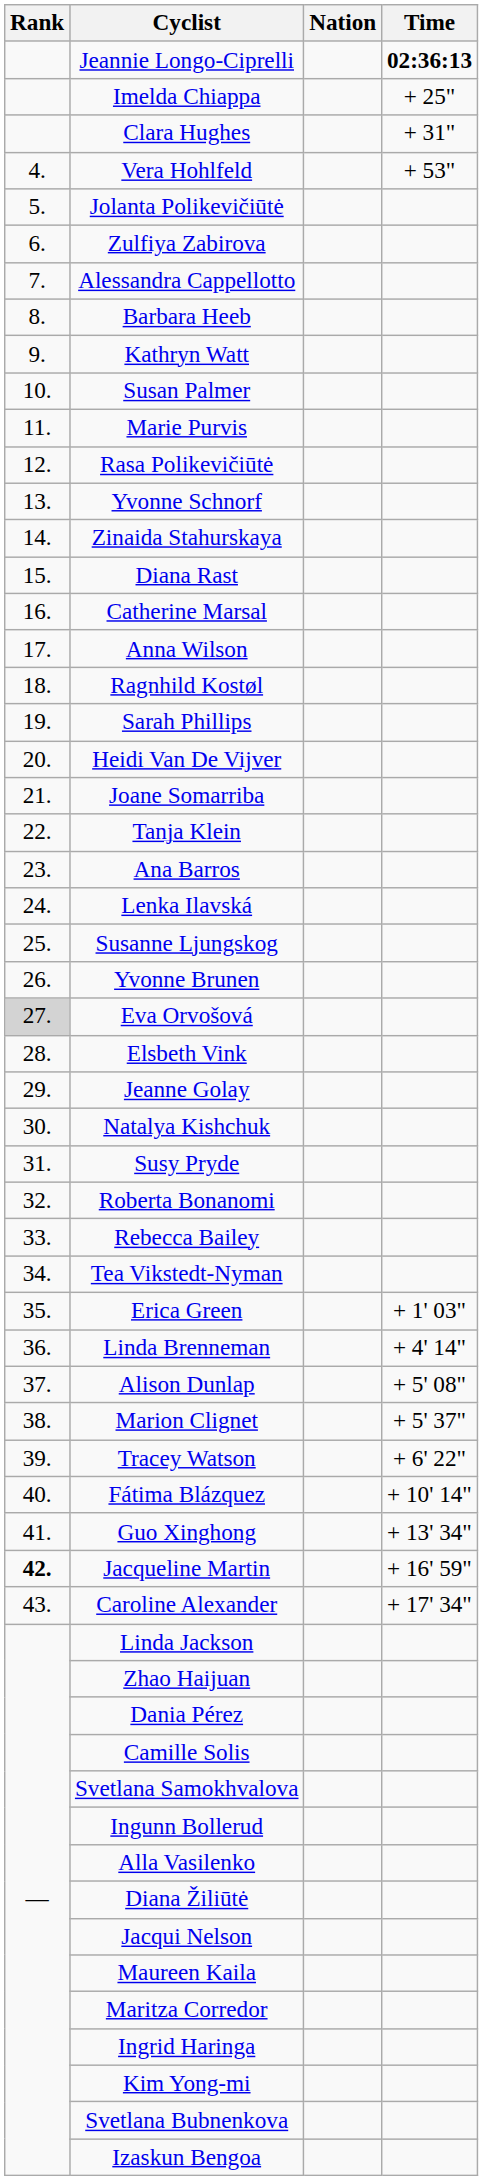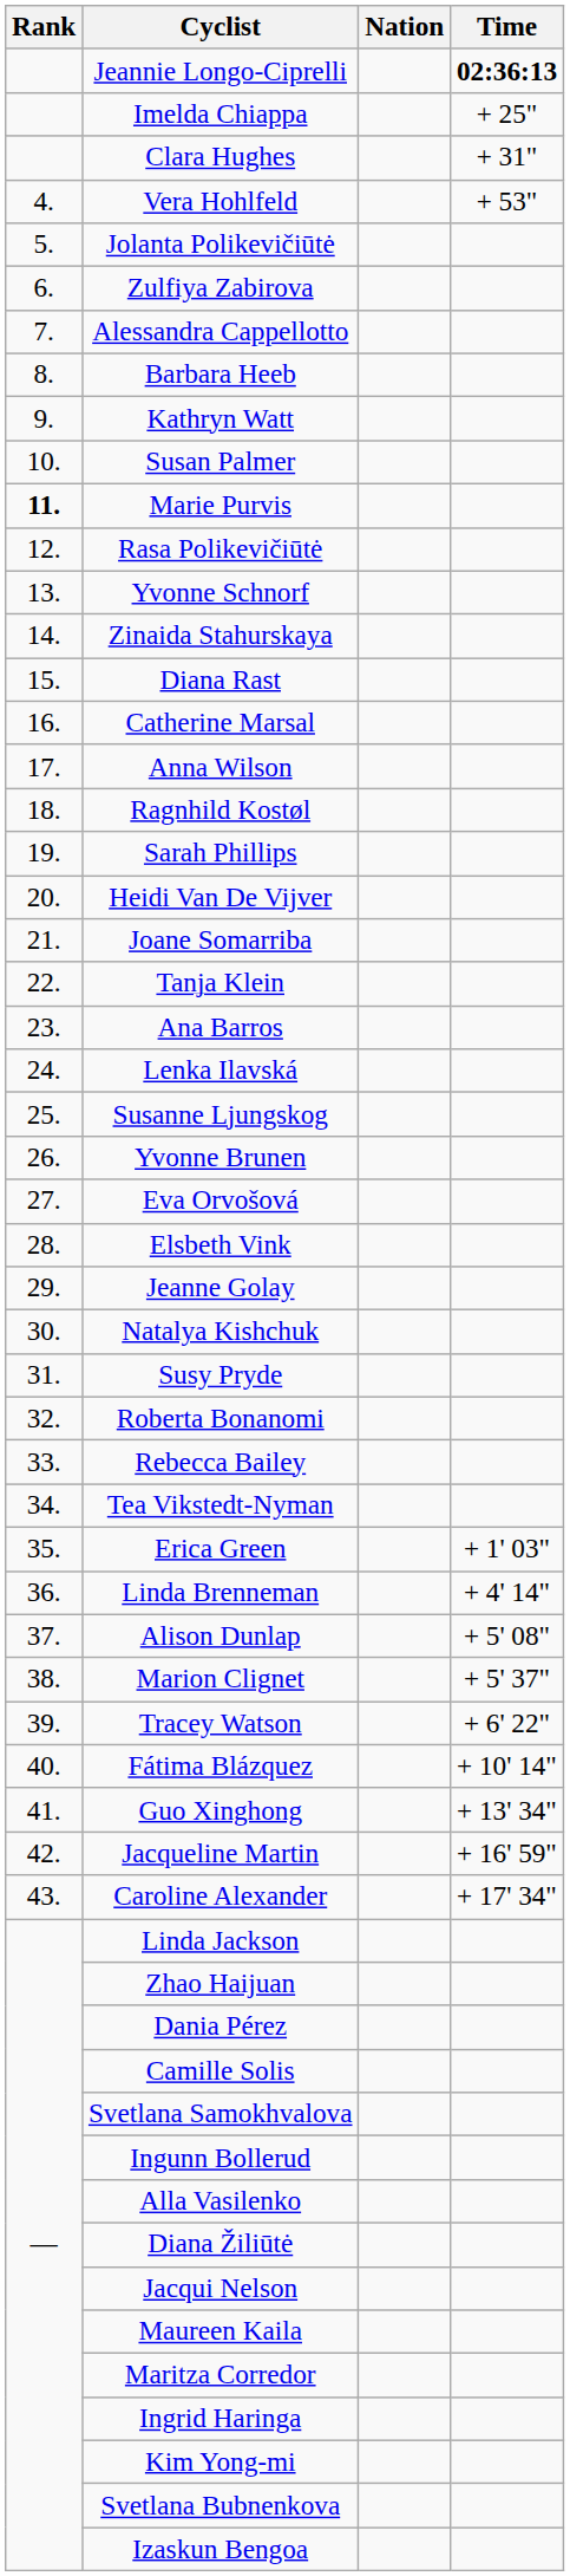 <table class="wikitable sortable" style="text-align:center">
 <tr>
 <th>Rank</th>
 <th>Cyclist</th>
 <th>Nation</th>
 <th>Time</th>
 </tr>
 <tr>
 <td></td>
 <td><a href='#'>Jeannie Longo-Ciprelli</a></td>
 <td></td>
 <td align="center"><strong>02:36:13</strong></td>
 </tr>
 <tr>
 <td></td>
 <td><a href='#'>Imelda Chiappa</a></td>
 <td></td>
 <td data-sort-value=02:36:38>+ 25"</td>
 </tr>
 <tr>
 <td></td>
 <td><a href='#'>Clara Hughes</a></td>
 <td></td>
 <td data-sort-value=02:36:44>+ 31"</td>
 </tr>
 <tr>
 <td align="center">4.</td>
 <td><a href='#'>Vera Hohlfeld</a></td>
 <td></td>
 <td data-sort-value=02:37:06>+ 53"</td>
 </tr>
 <tr>
 <td align="center">5.</td>
 <td><a href='#'>Jolanta Polikevičiūtė</a></td>
 <td></td>
 <td data-sort-value=02:37:06></td>
 </tr>
 <tr>
 <td align="center">6.</td>
 <td><a href='#'>Zulfiya Zabirova</a></td>
 <td></td>
 <td data-sort-value=02:37:06></td>
 </tr>
 <tr>
 <td align="center">7.</td>
 <td><a href='#'>Alessandra Cappellotto</a></td>
 <td></td>
 <td data-sort-value=02:37:06></td>
 </tr>
 <tr>
 <td align="center">8.</td>
 <td><a href='#'>Barbara Heeb</a></td>
 <td></td>
 <td data-sort-value=02:37:06></td>
 </tr>
 <tr>
 <td align="center">9.</td>
 <td><a href='#'>Kathryn Watt</a></td>
 <td></td>
 <td data-sort-value=02:37:06></td>
 </tr>
 <tr>
 <td align="center">10.</td>
 <td><a href='#'>Susan Palmer</a></td>
 <td></td>
 <td data-sort-value=02:37:06></td>
 </tr>
 <tr>
-<td align="center">11.</td>
+<td align="center"><strong>11.</strong></td>
 <td><a href='#'>Marie Purvis</a></td>
 <td></td>
 <td data-sort-value=02:37:06></td>
 </tr>
 <tr>
 <td align="center">12.</td>
 <td><a href='#'>Rasa Polikevičiūtė</a></td>
 <td></td>
 <td data-sort-value=02:37:06></td>
 </tr>
 <tr>
 <td align="center">13.</td>
 <td><a href='#'>Yvonne Schnorf</a></td>
 <td></td>
 <td data-sort-value=02:37:06></td>
 </tr>
 <tr>
 <td align="center">14.</td>
 <td><a href='#'>Zinaida Stahurskaya</a></td>
 <td></td>
 <td data-sort-value=02:37:06></td>
 </tr>
 <tr>
 <td align="center">15.</td>
 <td><a href='#'>Diana Rast</a></td>
 <td></td>
 <td data-sort-value=02:37:06></td>
 </tr>
 <tr>
 <td align="center">16.</td>
 <td><a href='#'>Catherine Marsal</a></td>
 <td></td>
 <td data-sort-value=02:37:06></td>
 </tr>
 <tr>
 <td align="center">17.</td>
 <td><a href='#'>Anna Wilson</a></td>
 <td></td>
 <td data-sort-value=02:37:06></td>
 </tr>
 <tr>
 <td align="center">18.</td>
 <td><a href='#'>Ragnhild Kostøl</a></td>
 <td></td>
 <td data-sort-value=02:37:06></td>
 </tr>
 <tr>
 <td align="center">19.</td>
 <td><a href='#'>Sarah Phillips</a></td>
 <td></td>
 <td data-sort-value=02:37:06></td>
 </tr>
 <tr>
 <td align="center">20.</td>
 <td><a href='#'>Heidi Van De Vijver</a></td>
 <td></td>
 <td data-sort-value=02:37:06></td>
 </tr>
 <tr>
 <td align="center">21.</td>
 <td><a href='#'>Joane Somarriba</a></td>
 <td></td>
 <td data-sort-value=02:37:06></td>
 </tr>
 <tr>
 <td align="center">22.</td>
 <td><a href='#'>Tanja Klein</a></td>
 <td></td>
 <td data-sort-value=02:37:06></td>
 </tr>
 <tr>
 <td align="center">23.</td>
 <td><a href='#'>Ana Barros</a></td>
 <td></td>
 <td data-sort-value=02:37:06></td>
 </tr>
 <tr>
 <td align="center">24.</td>
 <td><a href='#'>Lenka Ilavská</a></td>
 <td></td>
 <td data-sort-value=02:37:06></td>
 </tr>
 <tr>
 <td align="center">25.</td>
 <td><a href='#'>Susanne Ljungskog</a></td>
 <td></td>
 <td data-sort-value=02:37:06></td>
 </tr>
 <tr>
 <td align="center">26.</td>
 <td><a href='#'>Yvonne Brunen</a></td>
 <td></td>
 <td data-sort-value=02:37:06></td>
 </tr>
 <tr>
-<td align="center" style="background: lightgrey;">27.</td>
+<td align="center">27.</td>
 <td><a href='#'>Eva Orvošová</a></td>
 <td></td>
 <td data-sort-value=02:37:06></td>
 </tr>
 <tr>
 <td align="center">28.</td>
 <td><a href='#'>Elsbeth Vink</a></td>
 <td></td>
 <td data-sort-value=02:37:06></td>
 </tr>
 <tr>
 <td align="center">29.</td>
 <td><a href='#'>Jeanne Golay</a></td>
 <td></td>
 <td data-sort-value=02:37:06></td>
 </tr>
 <tr>
 <td align="center">30.</td>
 <td><a href='#'>Natalya Kishchuk</a></td>
 <td></td>
 <td data-sort-value=02:37:06></td>
 </tr>
 <tr>
 <td align="center">31.</td>
 <td><a href='#'>Susy Pryde</a></td>
 <td></td>
 <td data-sort-value=02:37:06></td>
 </tr>
 <tr>
 <td align="center">32.</td>
 <td><a href='#'>Roberta Bonanomi</a></td>
 <td></td>
 <td data-sort-value=02:37:06></td>
 </tr>
 <tr>
 <td align="center">33.</td>
 <td><a href='#'>Rebecca Bailey</a></td>
 <td></td>
 <td data-sort-value=02:37:06></td>
 </tr>
 <tr>
 <td align="center">34.</td>
 <td><a href='#'>Tea Vikstedt-Nyman</a></td>
 <td></td>
 <td data-sort-value=02:37:06></td>
 </tr>
 <tr>
 <td align="center">35.</td>
 <td><a href='#'>Erica Green</a></td>
 <td></td>
 <td data-sort-value=02:37.21>+ 1' 03"</td>
 </tr>
 <tr>
 <td align="center">36.</td>
 <td><a href='#'>Linda Brenneman</a></td>
 <td></td>
 <td data-sort-value=02:40.27>+ 4' 14"</td>
 </tr>
 <tr>
 <td align="center">37.</td>
 <td><a href='#'>Alison Dunlap</a></td>
 <td></td>
 <td data-sort-value=02:41.21>+ 5' 08"</td>
 </tr>
 <tr>
 <td align="center">38.</td>
 <td><a href='#'>Marion Clignet</a></td>
 <td></td>
 <td data-sort-value=02:41.50>+ 5' 37"</td>
 </tr>
 <tr>
 <td align="center">39.</td>
 <td><a href='#'>Tracey Watson</a></td>
 <td></td>
 <td data-sort-value=02:42.35>+ 6' 22"</td>
 </tr>
 <tr>
 <td align="center">40.</td>
 <td><a href='#'>Fátima Blázquez</a></td>
 <td></td>
 <td data-sort-value=02:46.27>+ 10' 14"</td>
 </tr>
 <tr>
 <td align="center">41.</td>
 <td><a href='#'>Guo Xinghong</a></td>
 <td></td>
 <td data-sort-value=02:49.47>+ 13' 34"</td>
 </tr>
 <tr>
-<td align="center"><strong>42.</strong></td>
+<td align="center">42.</td>
 <td><a href='#'>Jacqueline Martin</a></td>
 <td></td>
 <td data-sort-value=02:53.12>+ 16' 59"</td>
 </tr>
 <tr>
 <td align="center">43.</td>
 <td><a href='#'>Caroline Alexander</a></td>
 <td></td>
 <td data-sort-value=02:53.47>+ 17' 34"</td>
 </tr>
 <tr>
 <td rowspan=15 data-sort-value=44>—</td>
 <td><a href='#'>Linda Jackson</a></td>
 <td></td>
 <td data-sort-value=9:99:99></td>
 </tr>
 <tr>
 <td><a href='#'>Zhao Haijuan</a></td>
 <td></td>
 <td data-sort-value=9:99:99></td>
 </tr>
 <tr>
 <td><a href='#'>Dania Pérez</a></td>
 <td></td>
 <td data-sort-value=9:99:99></td>
 </tr>
 <tr>
 <td><a href='#'>Camille Solis</a></td>
 <td></td>
 <td data-sort-value=9:99:99></td>
 </tr>
 <tr>
 <td><a href='#'>Svetlana Samokhvalova</a></td>
 <td></td>
 <td data-sort-value=9:99:99></td>
 </tr>
 <tr>
 <td><a href='#'>Ingunn Bollerud</a></td>
 <td></td>
 <td data-sort-value=9:99:99></td>
 </tr>
 <tr>
 <td><a href='#'>Alla Vasilenko</a></td>
 <td></td>
 <td data-sort-value=9:99:99></td>
 </tr>
 <tr>
 <td><a href='#'>Diana Žiliūtė</a></td>
 <td></td>
 <td data-sort-value=9:99:99></td>
 </tr>
 <tr>
 <td><a href='#'>Jacqui Nelson</a></td>
 <td></td>
 <td data-sort-value=9:99:99></td>
 </tr>
 <tr>
 <td><a href='#'>Maureen Kaila</a></td>
 <td></td>
 <td data-sort-value=9:99:99></td>
 </tr>
 <tr>
 <td><a href='#'>Maritza Corredor</a></td>
 <td></td>
 <td data-sort-value=9:99:99></td>
 </tr>
 <tr>
 <td><a href='#'>Ingrid Haringa</a></td>
 <td></td>
 <td data-sort-value=9:99:99></td>
 </tr>
 <tr>
 <td><a href='#'>Kim Yong-mi</a></td>
 <td></td>
 <td data-sort-value=9:99:99></td>
 </tr>
 <tr>
 <td><a href='#'>Svetlana Bubnenkova</a></td>
 <td></td>
 <td data-sort-value=9:99:99></td>
 </tr>
 <tr>
 <td><a href='#'>Izaskun Bengoa</a></td>
 <td></td>
 <td data-sort-value=9:99:99></td>
 </tr>
 </table>
